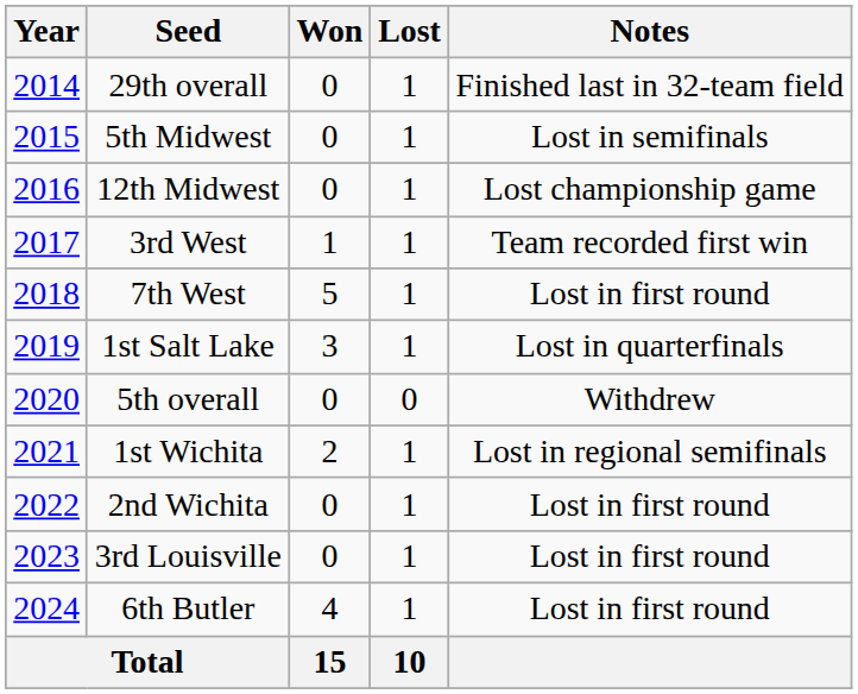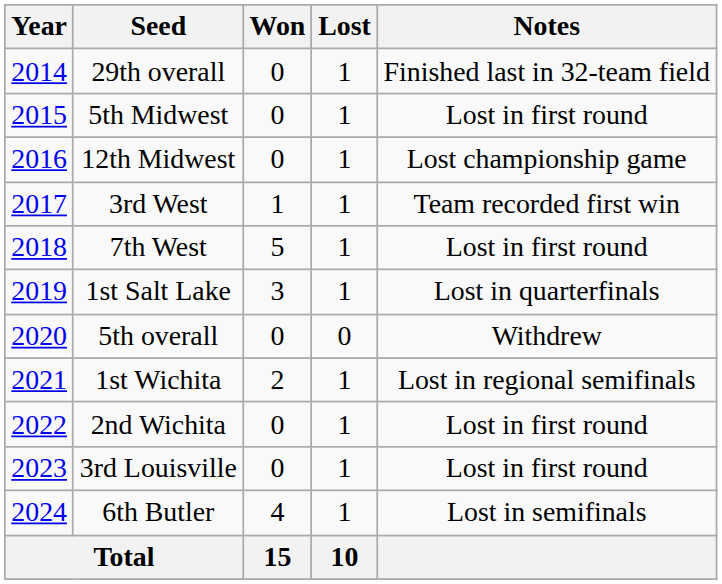 <table class="wikitable" style="text-align:center;">
 <tr>
 <th>Year</th>
 <th>Seed</th>
 <th>Won</th>
 <th>Lost</th>
 <th>Notes</th>
 </tr>
 <tr>
 <td><a href='#'>2014</a></td>
 <td>29th overall</td>
 <td>0</td>
 <td>1</td>
 <td>Finished last in 32-team field</td>
 </tr>
 <tr>
 <td><a href='#'>2015</a></td>
 <td>5th Midwest</td>
 <td>0</td>
 <td>1</td>
-<td>Lost in semifinals</td>
+<td>Lost in first round</td>
 </tr>
 <tr>
 <td><a href='#'>2016</a></td>
 <td>12th Midwest</td>
 <td>0</td>
 <td>1</td>
 <td>Lost championship game</td>
 </tr>
 <tr>
 <td><a href='#'>2017</a></td>
 <td>3rd West</td>
 <td>1</td>
 <td>1</td>
 <td>Team recorded first win</td>
 </tr>
 <tr>
 <td><a href='#'>2018</a></td>
 <td>7th West</td>
 <td>5</td>
 <td>1</td>
 <td>Lost in first round</td>
 </tr>
 <tr>
 <td><a href='#'>2019</a></td>
 <td>1st Salt Lake</td>
 <td>3</td>
 <td>1</td>
 <td>Lost in quarterfinals</td>
 </tr>
 <tr>
 <td><a href='#'>2020</a></td>
 <td>5th overall</td>
 <td>0</td>
 <td>0</td>
 <td>Withdrew</td>
 </tr>
 <tr>
 <td><a href='#'>2021</a></td>
 <td>1st Wichita</td>
 <td>2</td>
 <td>1</td>
 <td>Lost in regional semifinals</td>
 </tr>
 <tr>
 <td><a href='#'>2022</a></td>
 <td>2nd Wichita</td>
 <td>0</td>
 <td>1</td>
 <td>Lost in first round</td>
 </tr>
 <tr>
 <td><a href='#'>2023</a></td>
 <td>3rd Louisville</td>
 <td>0</td>
 <td>1</td>
 <td>Lost in first round</td>
 </tr>
 <tr>
 <td><a href='#'>2024</a></td>
 <td>6th Butler</td>
 <td>4</td>
 <td>1</td>
-<td>Lost in first round</td>
+<td>Lost in semifinals</td>
 </tr>
 <tr>
 <th colspan="2">Total</th>
 <th>15</th>
 <th>10</th>
 <th></th>
 </tr>
 </table>
